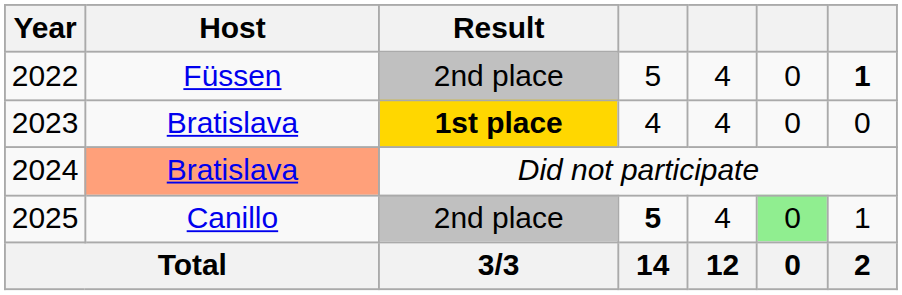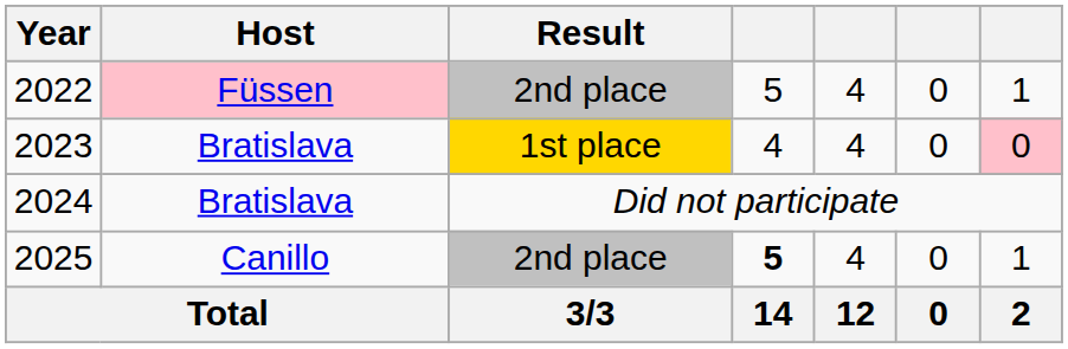 <table class="wikitable" style="text-align:center">
 <tr>
 <th width=30>Year</th>
 <th width=150>Host</th>
 <th width=120>Result</th>
 <th width=30></th>
 <th width=30></th>
 <th width=30></th>
 <th width=30></th>
 </tr>
 <tr>
 <td>2022</td>
-<td> <a href='#'>Füssen</a></td>
+<td style="background: pink;"> <a href='#'>Füssen</a></td>
 <td bgcolor="#c0c0c0"> 2nd place</td>
 <td>5</td>
 <td>4</td>
 <td>0</td>
-<td><strong>1</strong></td>
+<td>1</td>
 </tr>
 <tr>
 <td>2023</td>
 <td> <a href='#'>Bratislava</a></td>
-<td bgcolor="#ffd700"><strong> 1st place</strong></td>
+<td bgcolor="#ffd700"> 1st place</td>
 <td>4</td>
 <td>4</td>
 <td>0</td>
-<td>0</td>
+<td style="background: pink;">0</td>
 </tr>
 <tr>
 <td>2024</td>
-<td style="background: lightsalmon;"> <a href='#'>Bratislava</a></td>
+<td> <a href='#'>Bratislava</a></td>
 <td colspan=5><em>Did not participate</em></td>
 </tr>
 <tr>
 <td>2025</td>
 <td> <a href='#'>Canillo</a></td>
 <td bgcolor="#c0c0c0"> 2nd place</td>
 <td><strong>5</strong></td>
 <td>4</td>
-<td style="background: lightgreen;">0</td>
+<td>0</td>
 <td>1</td>
 </tr>
 <tr>
 <th colspan=2>Total</th>
 <th>3/3</th>
 <th>14</th>
 <th>12</th>
 <th>0</th>
 <th>2</th>
 </tr>
 </table>
